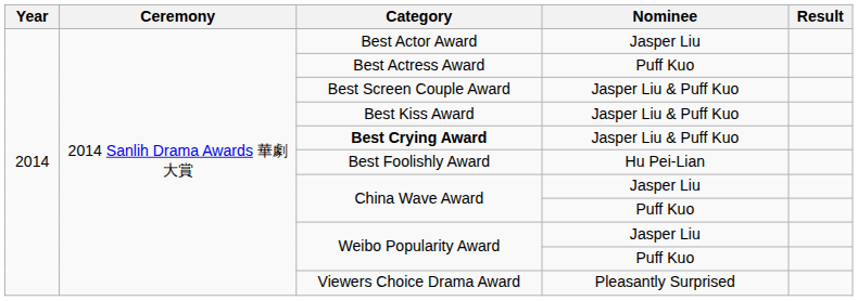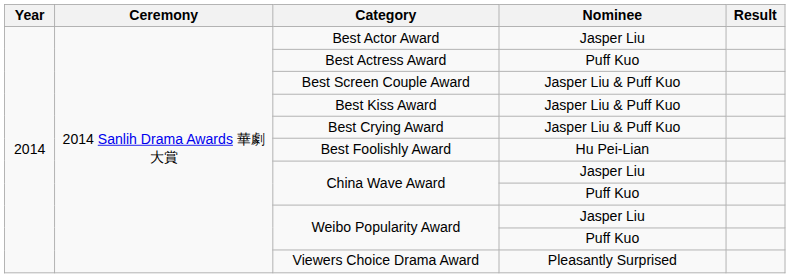 <table class="wikitable">
 <tr>
 <th style="width:50px;">Year</th>
 <th style="width:240px;">Ceremony</th>
 <th style="width:250px;">Category</th>
 <th style="width:250px;">Nominee</th>
 <th style="width:60px;">Result</th>
 </tr>
 <tr>
 <td align="center" rowspan=11>2014</td>
 <td align="center" rowspan=11>2014 <a href='#'>Sanlih Drama Awards</a> 華劇大賞<br></td>
 <td align="center">Best Actor Award</td>
 <td align="center">Jasper Liu</td>
 <td></td>
 </tr>
 <tr>
 <td align="center">Best Actress Award</td>
 <td align="center">Puff Kuo</td>
 <td></td>
 </tr>
 <tr>
 <td align="center">Best Screen Couple Award</td>
 <td align="center">Jasper Liu & Puff Kuo</td>
 <td></td>
 </tr>
 <tr>
 <td align="center">Best Kiss Award</td>
 <td align="center">Jasper Liu & Puff Kuo</td>
 <td></td>
 </tr>
 <tr>
-<td align="center"><strong>Best Crying Award</strong></td>
+<td align="center">Best Crying Award</td>
 <td align="center">Jasper Liu & Puff Kuo</td>
 <td></td>
 </tr>
 <tr>
 <td align="center">Best Foolishly Award</td>
 <td align="center">Hu Pei-Lian</td>
 <td></td>
 </tr>
 <tr>
 <td rowspan=2 align="center">China Wave Award</td>
 <td align="center">Jasper Liu</td>
 <td></td>
 </tr>
 <tr>
 <td align="center">Puff Kuo</td>
 <td></td>
 </tr>
 <tr>
 <td rowspan=2 align="center">Weibo Popularity Award</td>
 <td align="center">Jasper Liu</td>
 <td></td>
 </tr>
 <tr>
 <td align="center">Puff Kuo</td>
 <td></td>
 </tr>
 <tr>
 <td align="center">Viewers Choice Drama Award</td>
 <td align="center">Pleasantly Surprised</td>
 <td></td>
 </tr>
 </table>
